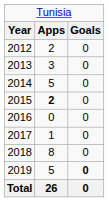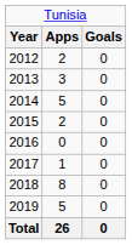 <table class="wikitable" style="text-align:center">
 <tr>
 <td colspan="3"><a href='#'>Tunisia</a></td>
 </tr>
 <tr>
 <th>Year</th>
 <th>Apps</th>
 <th>Goals</th>
 </tr>
 <tr>
 <td>2012</td>
 <td>2</td>
 <td>0</td>
 </tr>
 <tr>
 <td>2013</td>
 <td>3</td>
 <td>0</td>
 </tr>
 <tr>
 <td>2014</td>
 <td>5</td>
 <td>0</td>
 </tr>
 <tr>
 <td>2015</td>
-<td><strong>2</strong></td>
+<td>2</td>
 <td>0</td>
 </tr>
 <tr>
 <td>2016</td>
 <td>0</td>
 <td>0</td>
 </tr>
 <tr>
 <td>2017</td>
 <td>1</td>
 <td>0</td>
 </tr>
 <tr>
 <td>2018</td>
 <td>8</td>
 <td>0</td>
 </tr>
 <tr>
 <td>2019</td>
 <td>5</td>
-<td><strong>0</strong></td>
+<td>0</td>
 </tr>
 <tr>
 <th>Total</th>
 <th>26</th>
 <th>0</th>
 </tr>
 </table>
